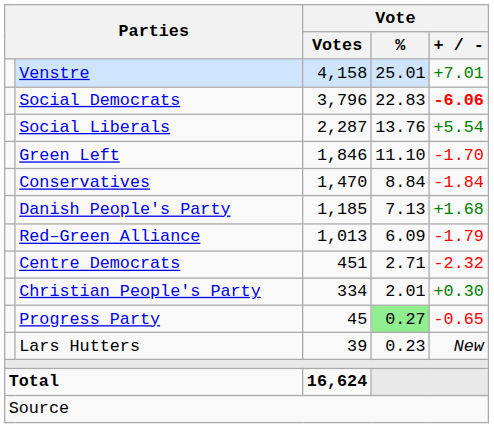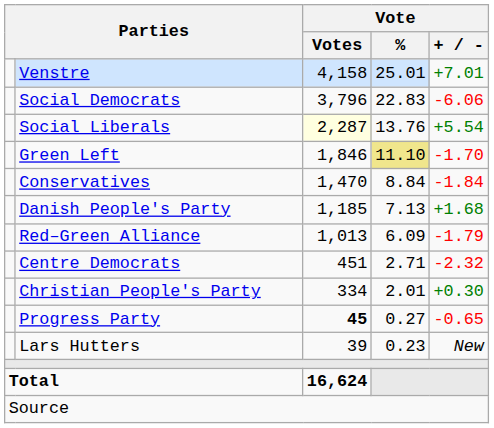 <table class="wikitable" style="text-align:right;">
 <tr>
 <th style="text-align:centre;" rowspan="2" colspan="2" width="225">Parties</th>
 <th colspan="3">Vote</th>
 </tr>
 <tr>
 <th width="15">Votes</th>
 <th width="15">%</th>
 <th width="15">+ / -</th>
 </tr>
 <tr>
 <td width="2" style="color:inherit;background:"></td>
 <td bgcolor=#cfe5fe  align="left"><a href='#'>Venstre</a></td>
 <td bgcolor=#cfe5fe>4,158</td>
 <td bgcolor=#cfe5fe>25.01</td>
 <td style=color:green;>+7.01</td>
 </tr>
 <tr>
 <td width="2" style="color:inherit;background:"></td>
 <td align="left"><a href='#'>Social Democrats</a></td>
 <td>3,796</td>
 <td>22.83</td>
-<td style=color:red;><strong>-6.06</strong></td>
+<td style=color:red;>-6.06</td>
 </tr>
 <tr>
 <td width="2" style="color:inherit;background:"></td>
 <td align="left"><a href='#'>Social Liberals</a></td>
-<td>2,287</td>
+<td style="background: lightyellow;">2,287</td>
 <td>13.76</td>
 <td style=color:green;>+5.54</td>
 </tr>
 <tr>
 <td width="2" style="color:inherit;background:"></td>
 <td align="left"><a href='#'>Green Left</a></td>
 <td>1,846</td>
-<td>11.10</td>
+<td style="background: khaki;">11.10</td>
 <td style=color:red;>-1.70</td>
 </tr>
 <tr>
 <td width="2" style="color:inherit;background:"></td>
 <td align="left"><a href='#'>Conservatives</a></td>
 <td>1,470</td>
 <td>8.84</td>
 <td style=color:red;>-1.84</td>
 </tr>
 <tr>
 <td width="2" style="color:inherit;background:"></td>
 <td align="left"><a href='#'>Danish People's Party</a></td>
 <td>1,185</td>
 <td>7.13</td>
 <td style=color:green;>+1.68</td>
 </tr>
 <tr>
 <td width="2" style="color:inherit;background:"></td>
 <td align="left"><a href='#'>Red–Green Alliance</a></td>
 <td>1,013</td>
 <td>6.09</td>
 <td style=color:red;>-1.79</td>
 </tr>
 <tr>
 <td width="2" style="color:inherit;background:"></td>
 <td align="left"><a href='#'>Centre Democrats</a></td>
 <td>451</td>
 <td>2.71</td>
 <td style=color:red;>-2.32</td>
 </tr>
 <tr>
 <td width="2" style="color:inherit;background:"></td>
 <td align="left"><a href='#'>Christian People's Party</a></td>
 <td>334</td>
 <td>2.01</td>
 <td style=color:green;>+0.30</td>
 </tr>
 <tr>
 <td width="2" style="color:inherit;background:"></td>
 <td align="left"><a href='#'>Progress Party</a></td>
-<td>45</td>
-<td style="background: lightgreen;">0.27</td>
+<td><strong>45</strong></td>
+<td>0.27</td>
 <td style=color:red;>-0.65</td>
 </tr>
 <tr>
 <td width="2" style="color:inherit;background:"></td>
 <td align="left">Lars Hutters</td>
 <td>39</td>
 <td>0.23</td>
 <td><em>New</em></td>
 </tr>
 <tr>
 <td colspan="7" bgcolor="#E9E9E9"></td>
 </tr>
 <tr>
 <td align="left" colspan="2"><strong>Total</strong></td>
 <td><strong>16,624</strong></td>
 <td bgcolor="#E9E9E9" colspan="2"></td>
 </tr>
 <tr>
 <td align="left" colspan="6">Source</td>
 </tr>
 </table>
